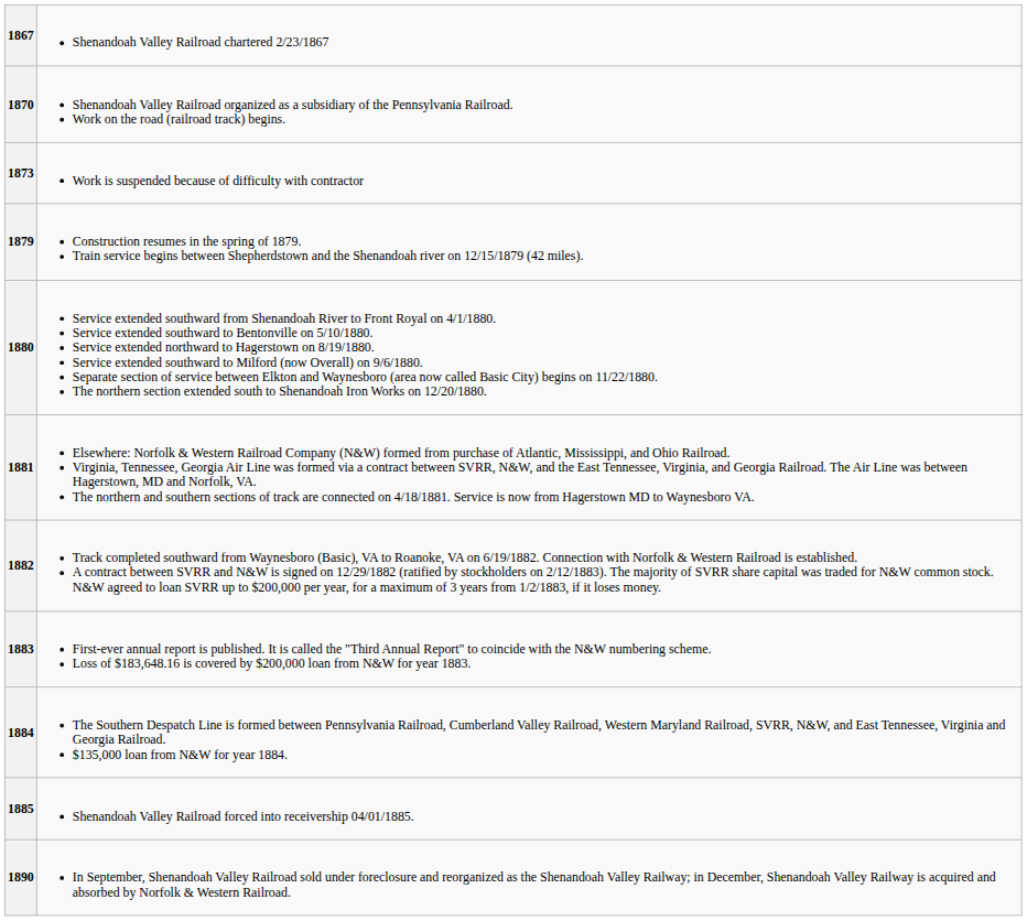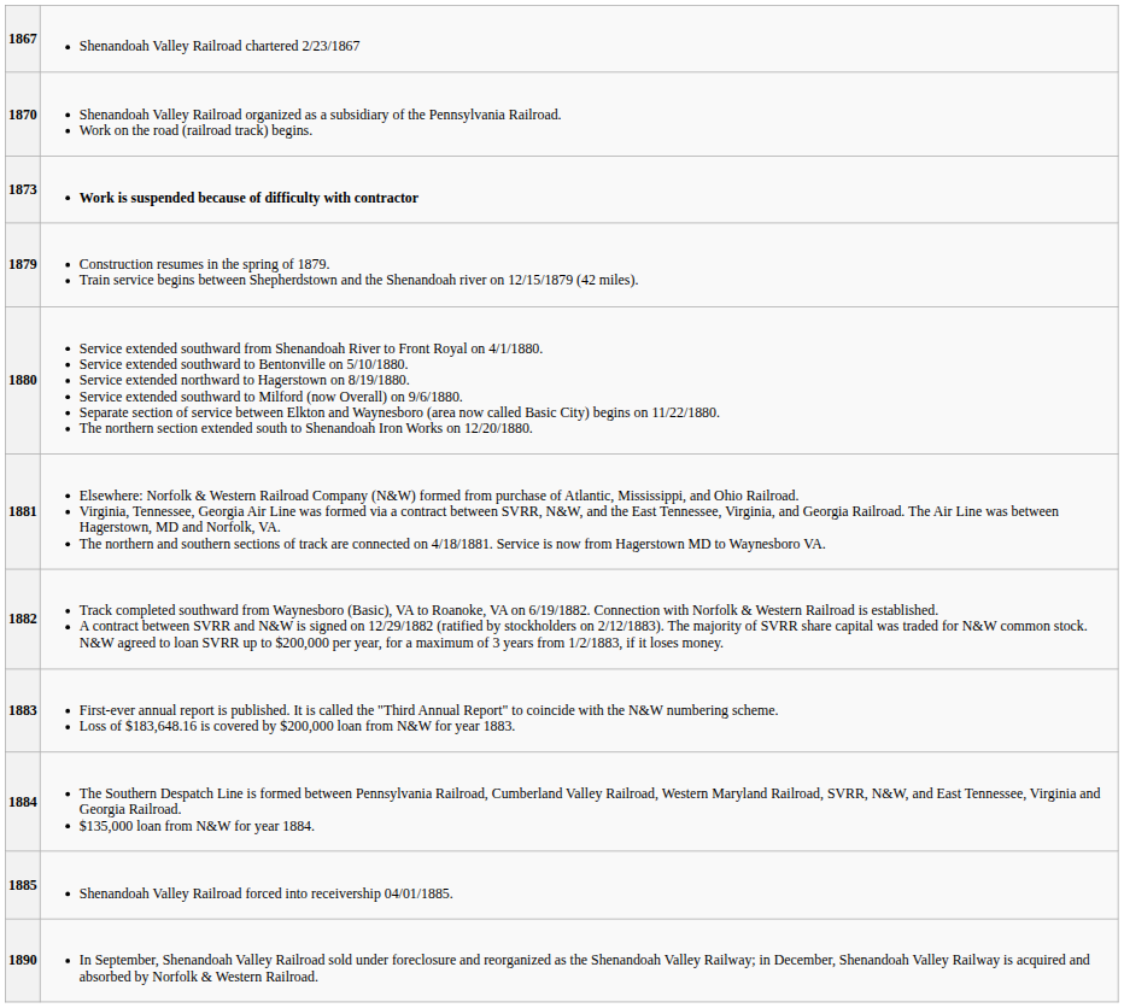 <table class="wikitable">
 <tr>
 <th>1867</th>
 <td><br><ul><li>Shenandoah Valley Railroad chartered 2/23/1867</li></ul></td>
 </tr>
 <tr>
 <th>1870</th>
 <td><br><ul><li>Shenandoah Valley Railroad organized as a subsidiary of the Pennsylvania Railroad.</li><li>Work on the road (railroad track) begins.</li></ul></td>
 </tr>
 <tr>
 <th>1873</th>
-<td><br><ul><li>Work is suspended because of difficulty with contractor</li></ul></td>
+<td><strong><br><ul><li>Work is suspended because of difficulty with contractor</li></ul></strong></td>
 </tr>
 <tr>
 <th>1879</th>
 <td><br><ul><li>Construction resumes in the spring of 1879.</li><li>Train service begins between Shepherdstown and the Shenandoah river on 12/15/1879 (42 miles).</li></ul></td>
 </tr>
 <tr>
 <th>1880</th>
 <td><br><ul><li>Service extended southward from Shenandoah River to Front Royal on 4/1/1880.</li><li>Service extended southward to Bentonville on 5/10/1880.</li><li>Service extended northward to Hagerstown on 8/19/1880.</li><li>Service extended southward to Milford (now Overall) on 9/6/1880.</li><li>Separate section of service between Elkton and Waynesboro (area now called Basic City) begins on 11/22/1880.</li><li>The northern section extended south to Shenandoah Iron Works on 12/20/1880.</li></ul></td>
 </tr>
 <tr>
 <th>1881</th>
 <td><br><ul><li>Elsewhere: Norfolk & Western Railroad Company (N&W) formed from purchase of Atlantic, Mississippi, and Ohio Railroad.</li><li>Virginia, Tennessee, Georgia Air Line was formed via a contract between SVRR, N&W, and the East Tennessee, Virginia, and Georgia Railroad.  The Air Line was between Hagerstown, MD and Norfolk, VA.</li><li>The northern and southern sections of track are connected on 4/18/1881.  Service is now from Hagerstown MD to Waynesboro VA.</li></ul></td>
 </tr>
 <tr>
 <th>1882</th>
 <td><br><ul><li>Track completed southward from Waynesboro (Basic), VA to Roanoke, VA on 6/19/1882.  Connection with Norfolk & Western Railroad is established.</li><li>A contract between SVRR and N&W is signed on 12/29/1882 (ratified by stockholders on 2/12/1883).  The majority of SVRR share capital was traded for N&W common stock.  N&W agreed to loan SVRR up to $200,000 per year, for a maximum of 3 years from 1/2/1883, if it loses money.</li></ul></td>
 </tr>
 <tr>
 <th>1883</th>
 <td><br><ul><li>First-ever annual report is published.  It is called the "Third Annual Report" to coincide with the N&W numbering scheme.</li><li>Loss of $183,648.16 is covered by $200,000 loan from N&W for year 1883.</li></ul></td>
 </tr>
 <tr>
 <th>1884</th>
 <td><br><ul><li>The Southern Despatch Line is formed between Pennsylvania Railroad, Cumberland Valley Railroad, Western Maryland Railroad, SVRR, N&W, and East Tennessee, Virginia and Georgia Railroad.</li><li>$135,000 loan from N&W for year 1884.</li></ul></td>
 </tr>
 <tr>
 <th>1885</th>
 <td><br><ul><li>Shenandoah Valley Railroad forced into receivership 04/01/1885.</li></ul></td>
 </tr>
 <tr>
 <th>1890</th>
 <td><br><ul><li>In September, Shenandoah Valley Railroad sold under foreclosure and reorganized as the Shenandoah Valley Railway; in December, Shenandoah Valley Railway is acquired and absorbed by Norfolk & Western Railroad.</li></ul></td>
 </tr>
 </table>
